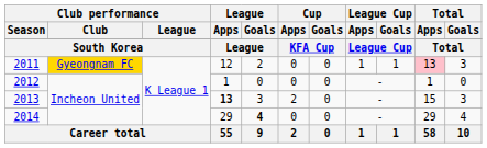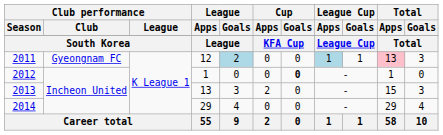 <table class="wikitable" style="text-align:center">
 <tr>
 <th colspan=3>Club performance</th>
 <th colspan=2>League</th>
 <th colspan=2>Cup</th>
 <th colspan=2>League Cup</th>
 <th colspan=2>Total</th>
 </tr>
 <tr>
 <th>Season</th>
 <th>Club</th>
 <th>League</th>
 <th>Apps</th>
 <th>Goals</th>
 <th>Apps</th>
 <th>Goals</th>
 <th>Apps</th>
 <th>Goals</th>
 <th>Apps</th>
 <th>Goals</th>
 </tr>
 <tr>
 </tr>
 <tr>
 <th colspan=3>South Korea</th>
 <th colspan=2>League</th>
 <th colspan=2><a href='#'>KFA Cup</a></th>
 <th colspan=2><a href='#'>League Cup</a></th>
 <th colspan=2>Total</th>
 </tr>
 <tr>
 <td><a href='#'>2011</a></td>
-<td rowspan="1" style="background: gold;"><a href='#'>Gyeongnam FC</a></td>
+<td rowspan="1"><a href='#'>Gyeongnam FC</a></td>
 <td rowspan="4"><a href='#'>K League 1</a></td>
 <td>12</td>
-<td>2</td>
+<td style="background: lightblue;">2</td>
 <td>0</td>
 <td>0</td>
-<td>1</td>
+<td style="background: lightblue;">1</td>
 <td>1</td>
 <td style="background: pink;">13</td>
 <td>3</td>
 </tr>
 <tr>
 <td><a href='#'>2012</a></td>
 <td rowspan="3"><a href='#'>Incheon United</a></td>
 <td>1</td>
 <td>0</td>
 <td>0</td>
-<td>0</td>
+<td><strong>0</strong></td>
 <td colspan="2">-</td>
 <td>1</td>
 <td>0</td>
 </tr>
 <tr>
 <td><a href='#'>2013</a></td>
-<td><strong>13</strong></td>
+<td>13</td>
 <td>3</td>
 <td>2</td>
 <td>0</td>
 <td colspan="2">-</td>
 <td>15</td>
 <td>3</td>
 </tr>
 <tr>
 <td><a href='#'>2014</a></td>
 <td>29</td>
-<td><strong>4</strong></td>
+<td>4</td>
 <td>0</td>
 <td>0</td>
 <td colspan="2">-</td>
 <td>29</td>
 <td>4</td>
 </tr>
 <tr>
 <th colspan=3>Career total</th>
 <th>55</th>
 <th>9</th>
 <th>2</th>
 <th>0</th>
 <th>1</th>
 <th>1</th>
 <th>58</th>
 <th>10</th>
 </tr>
 </table>
